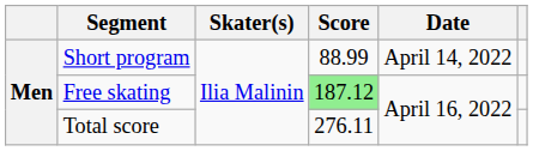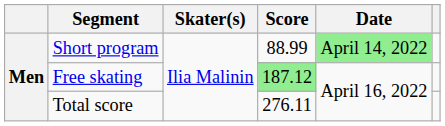 <table class="wikitable unsortable" style="text-align:left">
 <tr>
 <th scope="col"></th>
 <th scope="col">Segment</th>
 <th scope="col">Skater(s)</th>
 <th scope="col">Score</th>
 <th scope="col">Date</th>
 <th scope="col"></th>
 </tr>
 <tr>
 <th scope="row" rowspan="3">Men</th>
 <td style="text-align:left"><a href='#'>Short program</a></td>
 <td rowspan="3"> <a href='#'>Ilia Malinin</a></td>
 <td align=center>88.99</td>
-<td>April 14, 2022</td>
+<td style="background: lightgreen;">April 14, 2022</td>
 <td></td>
 </tr>
 <tr>
 <td style="text-align:left"><a href='#'>Free skating</a></td>
 <td align=center style="background: lightgreen;">187.12</td>
 <td rowspan="2">April 16, 2022</td>
 <td></td>
 </tr>
 <tr>
 <td style="text-align:left">Total score</td>
 <td align=center>276.11</td>
 <td></td>
 </tr>
 </table>
